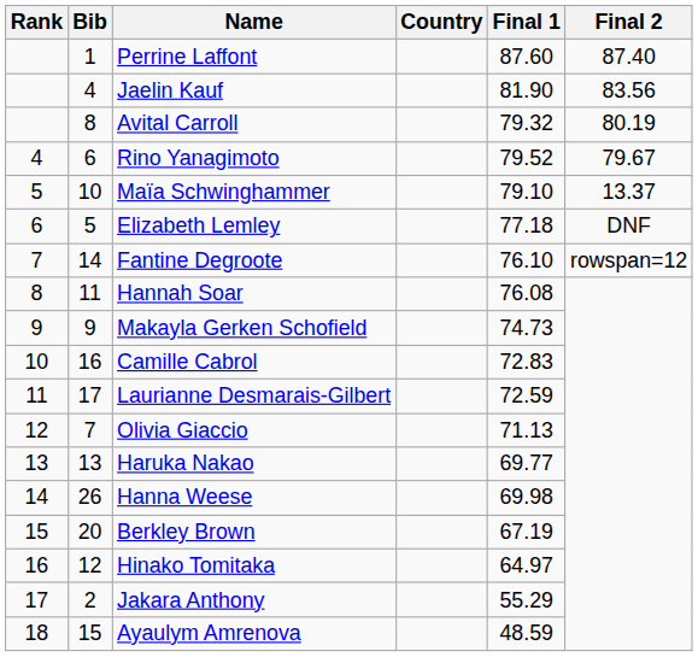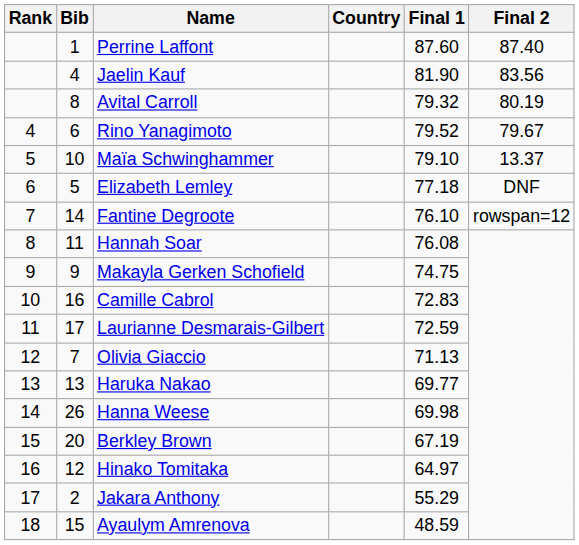 <table class="wikitable sortable" style="text-align:center">
 <tr>
 <th>Rank</th>
 <th>Bib</th>
 <th>Name</th>
 <th>Country</th>
 <th>Final 1</th>
 <th>Final 2</th>
 </tr>
 <tr>
 <td></td>
 <td>1</td>
 <td align=left><a href='#'>Perrine Laffont</a></td>
 <td align=left></td>
 <td>87.60</td>
 <td>87.40</td>
 </tr>
 <tr>
 <td></td>
 <td>4</td>
 <td align=left><a href='#'>Jaelin Kauf</a></td>
 <td align=left></td>
 <td>81.90</td>
 <td>83.56</td>
 </tr>
 <tr>
 <td></td>
 <td>8</td>
 <td align=left><a href='#'>Avital Carroll</a></td>
 <td align=left></td>
 <td>79.32</td>
 <td>80.19</td>
 </tr>
 <tr>
 <td>4</td>
 <td>6</td>
 <td align=left><a href='#'>Rino Yanagimoto</a></td>
 <td align=left></td>
 <td>79.52</td>
 <td>79.67</td>
 </tr>
 <tr>
 <td>5</td>
 <td>10</td>
 <td align=left><a href='#'>Maïa Schwinghammer</a></td>
 <td align=left></td>
 <td>79.10</td>
 <td>13.37</td>
 </tr>
 <tr>
 <td>6</td>
 <td>5</td>
 <td align=left><a href='#'>Elizabeth Lemley</a></td>
 <td align=left></td>
 <td>77.18</td>
 <td>DNF</td>
 </tr>
 <tr>
 <td>7</td>
 <td>14</td>
 <td align=left><a href='#'>Fantine Degroote</a></td>
 <td align=left></td>
 <td>76.10</td>
 <td>rowspan=12 </td>
 </tr>
 <tr>
 <td>8</td>
 <td>11</td>
 <td align=left><a href='#'>Hannah Soar</a></td>
 <td align=left></td>
 <td>76.08</td>
 </tr>
 <tr>
 <td>9</td>
 <td>9</td>
 <td align=left><a href='#'>Makayla Gerken Schofield</a></td>
 <td align=left></td>
-<td>74.73</td>
+<td>74.75</td>
 </tr>
 <tr>
 <td>10</td>
 <td>16</td>
 <td align=left><a href='#'>Camille Cabrol</a></td>
 <td align=left></td>
 <td>72.83</td>
 </tr>
 <tr>
 <td>11</td>
 <td>17</td>
 <td align=left><a href='#'>Laurianne Desmarais-Gilbert</a></td>
 <td align=left></td>
 <td>72.59</td>
 </tr>
 <tr>
 <td>12</td>
 <td>7</td>
 <td align=left><a href='#'>Olivia Giaccio</a></td>
 <td align=left></td>
 <td>71.13</td>
 </tr>
 <tr>
 <td>13</td>
 <td>13</td>
 <td align=left><a href='#'>Haruka Nakao</a></td>
 <td align=left></td>
 <td>69.77</td>
 </tr>
 <tr>
 <td>14</td>
 <td>26</td>
 <td align=left><a href='#'>Hanna Weese</a></td>
 <td align=left></td>
 <td>69.98</td>
 </tr>
 <tr>
 <td>15</td>
 <td>20</td>
 <td align=left><a href='#'>Berkley Brown</a></td>
 <td align=left></td>
 <td>67.19</td>
 </tr>
 <tr>
 <td>16</td>
 <td>12</td>
 <td align=left><a href='#'>Hinako Tomitaka</a></td>
 <td align=left></td>
 <td>64.97</td>
 </tr>
 <tr>
 <td>17</td>
 <td>2</td>
 <td align=left><a href='#'>Jakara Anthony</a></td>
 <td align=left></td>
 <td>55.29</td>
 </tr>
 <tr>
 <td>18</td>
 <td>15</td>
 <td align=left><a href='#'>Ayaulym Amrenova</a></td>
 <td align=left></td>
 <td>48.59</td>
 </tr>
 </table>
